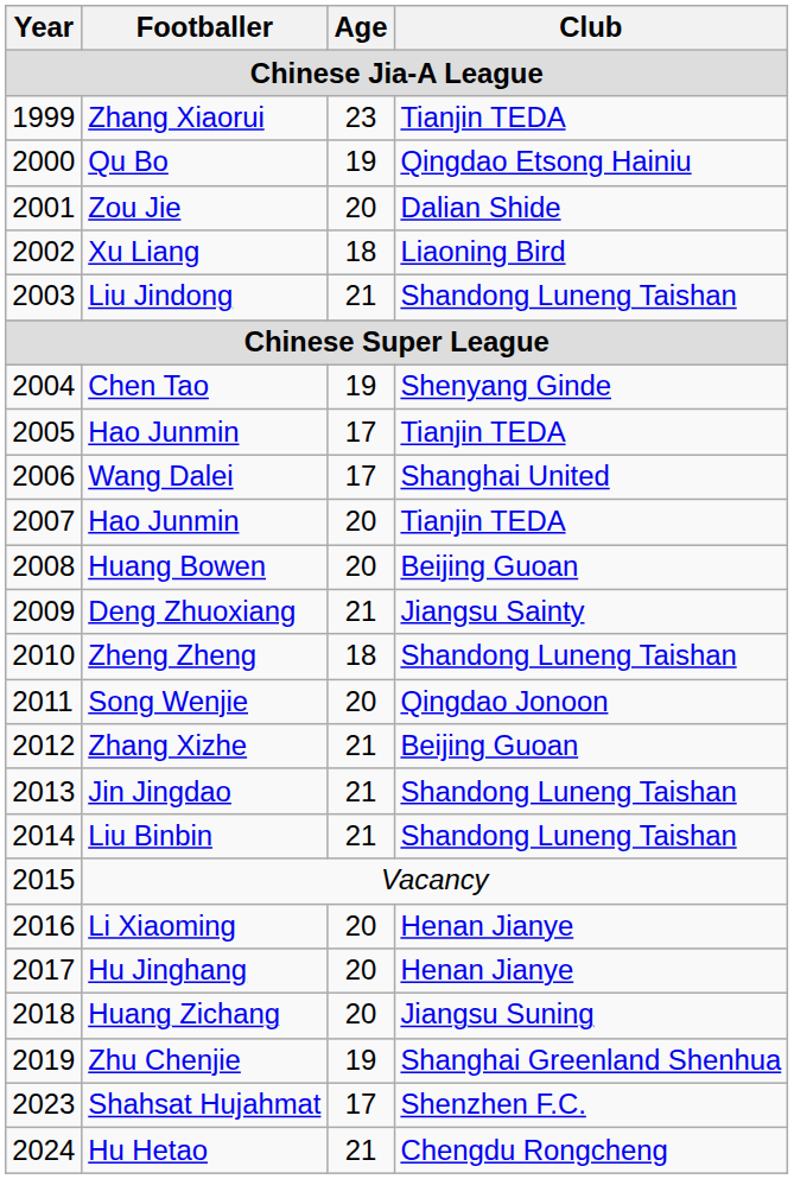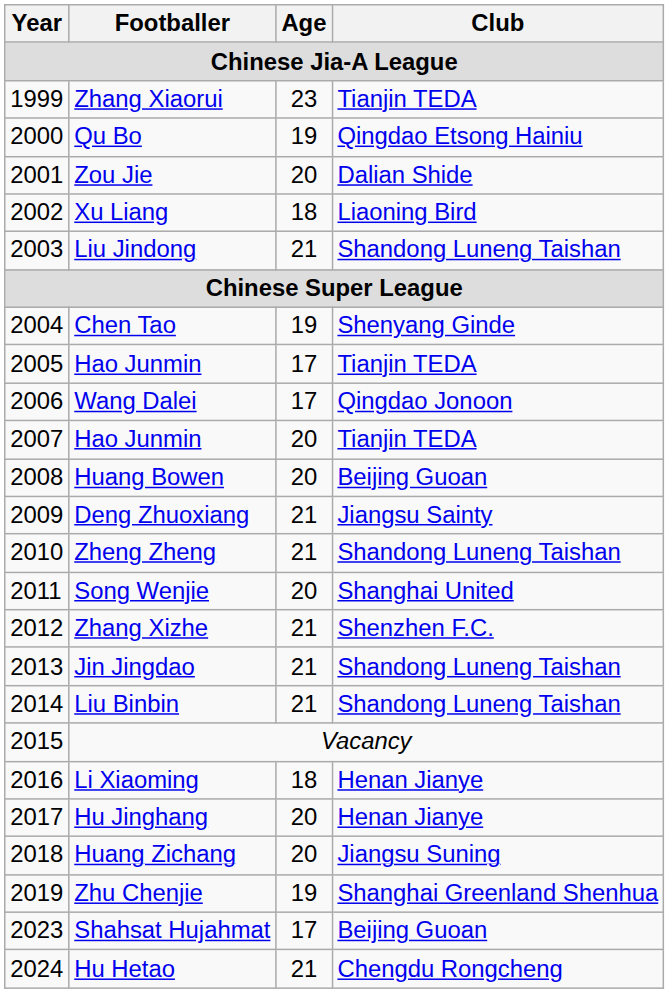 <table class="wikitable" style="text-align:left;">
 <tr>
 <th>Year</th>
 <th>Footballer</th>
 <th>Age</th>
 <th>Club</th>
 </tr>
 <tr style="background:#ddd;">
 <td colspan="4" style="text-align:center"><strong>Chinese Jia-A League</strong></td>
 </tr>
 <tr>
 <td>1999</td>
 <td> <a href='#'>Zhang Xiaorui</a></td>
 <td align=center>23</td>
 <td><a href='#'>Tianjin TEDA</a></td>
 </tr>
 <tr>
 <td>2000</td>
 <td> <a href='#'>Qu Bo</a></td>
 <td align=center>19</td>
 <td><a href='#'>Qingdao Etsong Hainiu</a></td>
 </tr>
 <tr>
 <td>2001</td>
 <td> <a href='#'>Zou Jie</a></td>
 <td align=center>20</td>
 <td><a href='#'>Dalian Shide</a></td>
 </tr>
 <tr>
 <td>2002</td>
 <td> <a href='#'>Xu Liang</a></td>
 <td align=center>18</td>
 <td><a href='#'>Liaoning Bird</a></td>
 </tr>
 <tr>
 <td>2003</td>
 <td> <a href='#'>Liu Jindong</a></td>
 <td align=center>21</td>
 <td><a href='#'>Shandong Luneng Taishan</a></td>
 </tr>
 <tr style="background:#ddd;">
 <td colspan="4" style="text-align:center"><strong>Chinese Super League</strong></td>
 </tr>
 <tr>
 <td>2004</td>
 <td> <a href='#'>Chen Tao</a></td>
 <td align=center>19</td>
 <td><a href='#'>Shenyang Ginde</a></td>
 </tr>
 <tr>
 <td>2005</td>
 <td> <a href='#'>Hao Junmin</a></td>
 <td align=center>17</td>
 <td><a href='#'>Tianjin TEDA</a></td>
 </tr>
 <tr>
 <td>2006</td>
 <td> <a href='#'>Wang Dalei</a></td>
 <td align=center>17</td>
-<td><a href='#'>Shanghai United</a></td>
+<td><a href='#'>Qingdao Jonoon</a></td>
 </tr>
 <tr>
 <td>2007</td>
 <td> <a href='#'>Hao Junmin</a></td>
 <td align=center>20</td>
 <td><a href='#'>Tianjin TEDA</a></td>
 </tr>
 <tr>
 <td>2008</td>
 <td> <a href='#'>Huang Bowen</a></td>
 <td align=center>20</td>
 <td><a href='#'>Beijing Guoan</a></td>
 </tr>
 <tr>
 <td>2009</td>
 <td> <a href='#'>Deng Zhuoxiang</a></td>
 <td align=center>21</td>
 <td><a href='#'>Jiangsu Sainty</a></td>
 </tr>
 <tr>
 <td>2010</td>
 <td> <a href='#'>Zheng Zheng</a></td>
-<td align=center>18</td>
+<td align=center>21</td>
 <td><a href='#'>Shandong Luneng Taishan</a></td>
 </tr>
 <tr>
 <td>2011</td>
 <td> <a href='#'>Song Wenjie</a></td>
 <td align=center>20</td>
-<td><a href='#'>Qingdao Jonoon</a></td>
+<td><a href='#'>Shanghai United</a></td>
 </tr>
 <tr>
 <td>2012</td>
 <td> <a href='#'>Zhang Xizhe</a></td>
 <td align=center>21</td>
-<td><a href='#'>Beijing Guoan</a></td>
+<td><a href='#'>Shenzhen F.C.</a></td>
 </tr>
 <tr>
 <td>2013</td>
 <td> <a href='#'>Jin Jingdao</a></td>
 <td align=center>21</td>
 <td><a href='#'>Shandong Luneng Taishan</a></td>
 </tr>
 <tr>
 <td>2014</td>
 <td> <a href='#'>Liu Binbin</a></td>
 <td align=center>21</td>
 <td><a href='#'>Shandong Luneng Taishan</a></td>
 </tr>
 <tr>
 <td>2015</td>
 <td colspan=3 align=center><em>Vacancy</em></td>
 </tr>
 <tr>
 <td>2016</td>
 <td> <a href='#'>Li Xiaoming</a></td>
-<td align=center>20</td>
+<td align=center>18</td>
 <td><a href='#'>Henan Jianye</a></td>
 </tr>
 <tr>
 <td>2017</td>
 <td> <a href='#'>Hu Jinghang</a></td>
 <td align=center>20</td>
 <td><a href='#'>Henan Jianye</a></td>
 </tr>
 <tr>
 <td>2018</td>
 <td> <a href='#'>Huang Zichang</a></td>
 <td align=center>20</td>
 <td><a href='#'>Jiangsu Suning</a></td>
 </tr>
 <tr>
 <td>2019</td>
 <td> <a href='#'>Zhu Chenjie</a></td>
 <td align=center>19</td>
 <td><a href='#'>Shanghai Greenland Shenhua</a></td>
 </tr>
 <tr>
 <td>2023</td>
 <td> <a href='#'>Shahsat Hujahmat</a></td>
 <td align=center>17</td>
-<td><a href='#'>Shenzhen F.C.</a></td>
+<td><a href='#'>Beijing Guoan</a></td>
 </tr>
 <tr>
 <td>2024</td>
 <td> <a href='#'>Hu Hetao</a></td>
 <td align=center>21</td>
 <td><a href='#'>Chengdu Rongcheng</a></td>
 </tr>
 </table>
